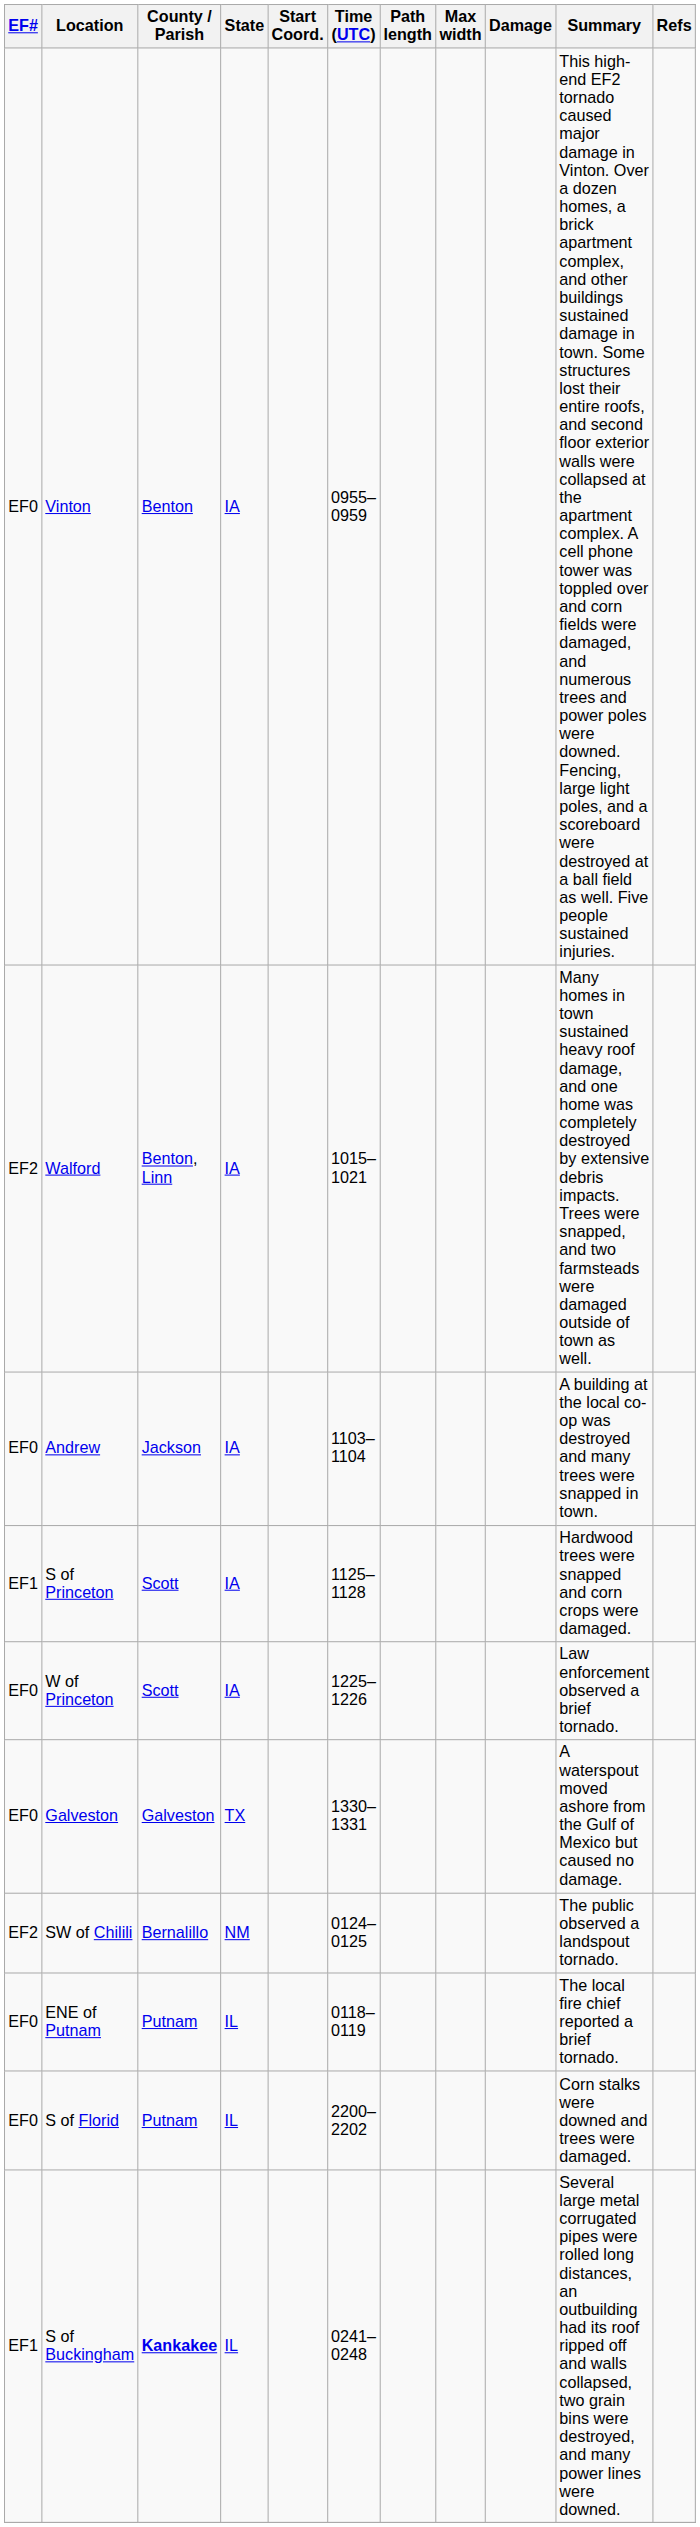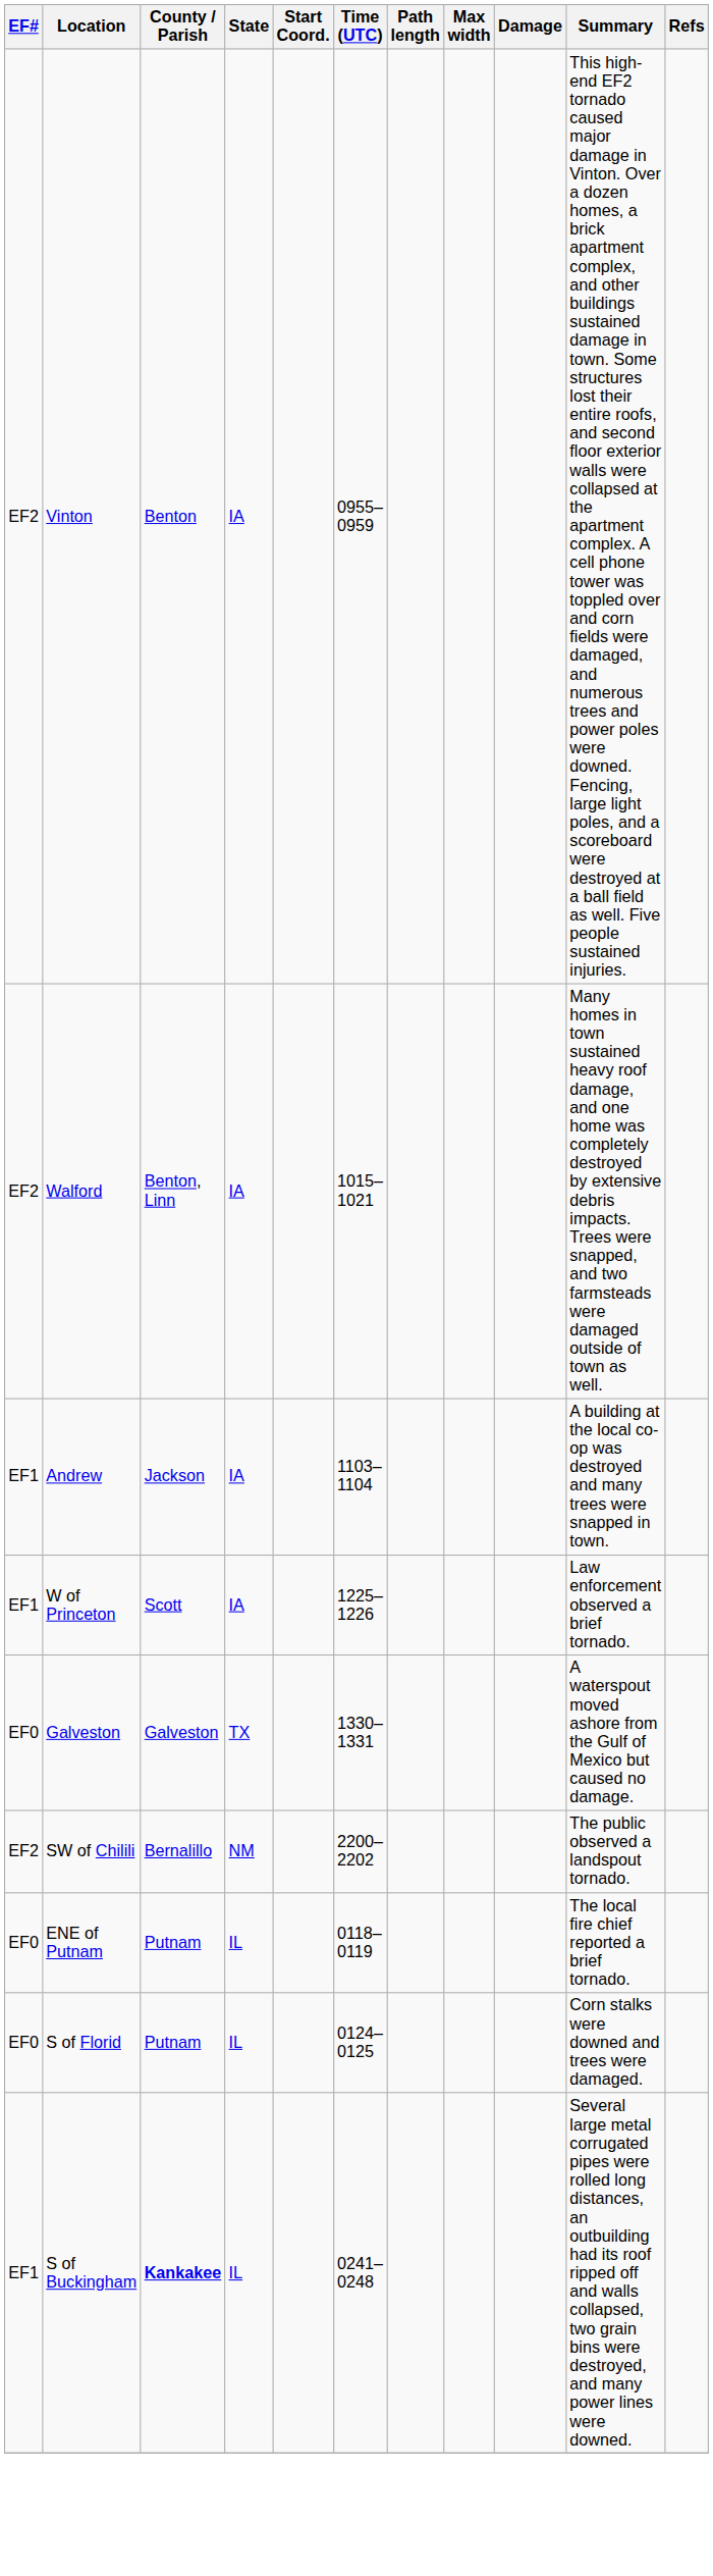 <table class="wikitable sortable" style="width:100%;">
 <tr>
 <th scope="col" width="3%" align="center"><a href='#'>EF#</a></th>
 <th scope="col" width="7%" align="center" class="unsortable">Location</th>
 <th scope="col" width="6%" align="center" class="unsortable">County / Parish</th>
 <th scope="col" width="5%" align="center">State</th>
 <th scope="col" width="6%" align="center">Start Coord.</th>
 <th scope="col" width="6%" align="center">Time (<a href='#'>UTC</a>)</th>
 <th scope="col" width="6%" align="center">Path length</th>
 <th scope="col" width="6%" align="center">Max width</th>
 <th scope="col" width="6%" align="center">Damage</th>
 <th scope="col" width="48%" class="unsortable" align="center">Summary</th>
 <th scope="col" width="48%" class="unsortable" align="center">Refs</th>
 </tr>
 <tr>
-<td>EF0</td>
+<td>EF2</td>
 <td><a href='#'>Vinton</a></td>
 <td><a href='#'>Benton</a></td>
 <td><a href='#'>IA</a></td>
 <td></td>
 <td>0955–0959</td>
 <td></td>
 <td></td>
 <td></td>
 <td>This high-end EF2 tornado caused major damage in Vinton. Over a dozen homes, a brick apartment complex, and other buildings sustained damage in town. Some structures lost their entire roofs, and second floor exterior walls were collapsed at the apartment complex. A cell phone tower was toppled over and corn fields were damaged, and numerous trees and power poles were downed. Fencing, large light poles, and a scoreboard were destroyed at a ball field as well. Five people sustained injuries.</td>
 <td></td>
 </tr>
 <tr>
 <td>EF2</td>
 <td><a href='#'>Walford</a></td>
 <td><a href='#'>Benton</a>, <a href='#'>Linn</a></td>
 <td><a href='#'>IA</a></td>
 <td></td>
 <td>1015–1021</td>
 <td></td>
 <td></td>
 <td></td>
 <td>Many homes in town sustained heavy roof damage, and one home was completely destroyed by extensive debris impacts. Trees were snapped, and two farmsteads were damaged outside of town as well.</td>
 <td></td>
 </tr>
 <tr>
-<td>EF0</td>
+<td>EF1</td>
 <td><a href='#'>Andrew</a></td>
 <td><a href='#'>Jackson</a></td>
 <td><a href='#'>IA</a></td>
 <td></td>
 <td>1103–1104</td>
 <td></td>
 <td></td>
 <td></td>
 <td>A building at the local co-op was destroyed and many trees were snapped in town.</td>
 <td></td>
 </tr>
 <tr>
 <td>EF1</td>
-<td>S of <a href='#'>Princeton</a></td>
-<td><a href='#'>Scott</a></td>
-<td><a href='#'>IA</a></td>
-<td></td>
-<td>1125–1128</td>
-<td></td>
-<td></td>
-<td></td>
-<td>Hardwood trees were snapped and corn crops were damaged.</td>
-<td></td>
-</tr>
-<tr>
-<td>EF0</td>
 <td>W of <a href='#'>Princeton</a></td>
 <td><a href='#'>Scott</a></td>
 <td><a href='#'>IA</a></td>
 <td></td>
 <td>1225–1226</td>
 <td></td>
 <td></td>
 <td></td>
 <td>Law enforcement observed a brief tornado.</td>
 <td></td>
 </tr>
 <tr>
 <td>EF0</td>
 <td><a href='#'>Galveston</a></td>
 <td><a href='#'>Galveston</a></td>
 <td><a href='#'>TX</a></td>
 <td></td>
 <td>1330–1331</td>
 <td></td>
 <td></td>
 <td></td>
 <td>A waterspout moved ashore from the Gulf of Mexico but caused no damage.</td>
 <td></td>
 </tr>
 <tr>
 <td>EF2</td>
 <td>SW of <a href='#'>Chilili</a></td>
 <td><a href='#'>Bernalillo</a></td>
 <td><a href='#'>NM</a></td>
 <td></td>
-<td>0124–0125</td>
+<td>2200–2202</td>
 <td></td>
 <td></td>
 <td></td>
 <td>The public observed a landspout tornado.</td>
 <td></td>
 </tr>
 <tr>
 <td>EF0</td>
 <td>ENE of <a href='#'>Putnam</a></td>
 <td><a href='#'>Putnam</a></td>
 <td><a href='#'>IL</a></td>
 <td></td>
 <td>0118–0119</td>
 <td></td>
 <td></td>
 <td></td>
 <td>The local fire chief reported a brief tornado.</td>
 <td></td>
 </tr>
 <tr>
 <td>EF0</td>
 <td>S of <a href='#'>Florid</a></td>
 <td><a href='#'>Putnam</a></td>
 <td><a href='#'>IL</a></td>
 <td></td>
-<td>2200–2202</td>
+<td>0124–0125</td>
 <td></td>
 <td></td>
 <td></td>
 <td>Corn stalks were downed and trees were damaged.</td>
 <td></td>
 </tr>
 <tr>
 <td>EF1</td>
 <td>S of <a href='#'>Buckingham</a></td>
 <td><strong><a href='#'>Kankakee</a></strong></td>
 <td><a href='#'>IL</a></td>
 <td></td>
 <td>0241–0248</td>
 <td></td>
 <td></td>
 <td></td>
 <td>Several large metal corrugated pipes were rolled long distances, an outbuilding had its roof ripped off and walls collapsed, two grain bins were destroyed, and many power lines were downed.</td>
 <td></td>
 </tr>
 <tr>
 </tr>
 </table>
